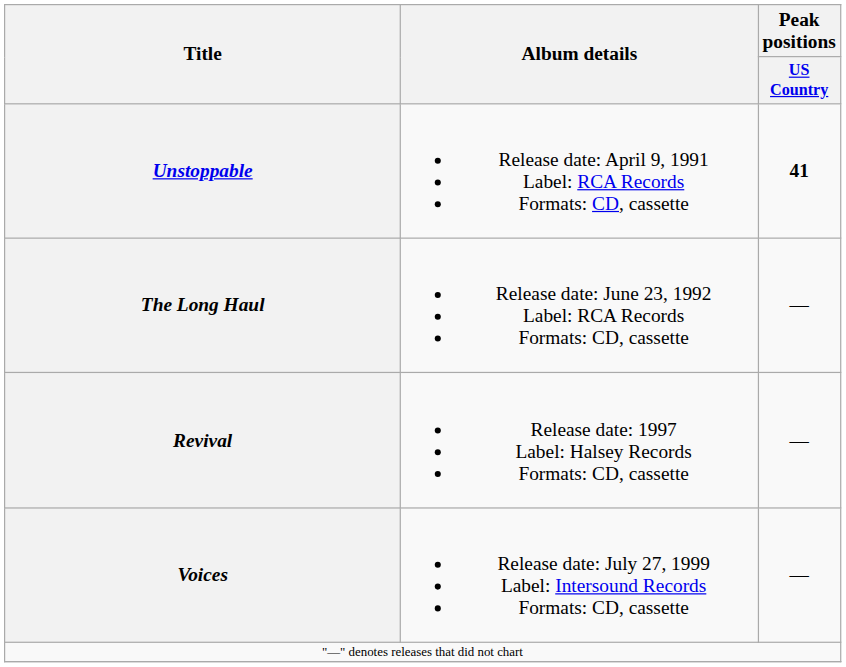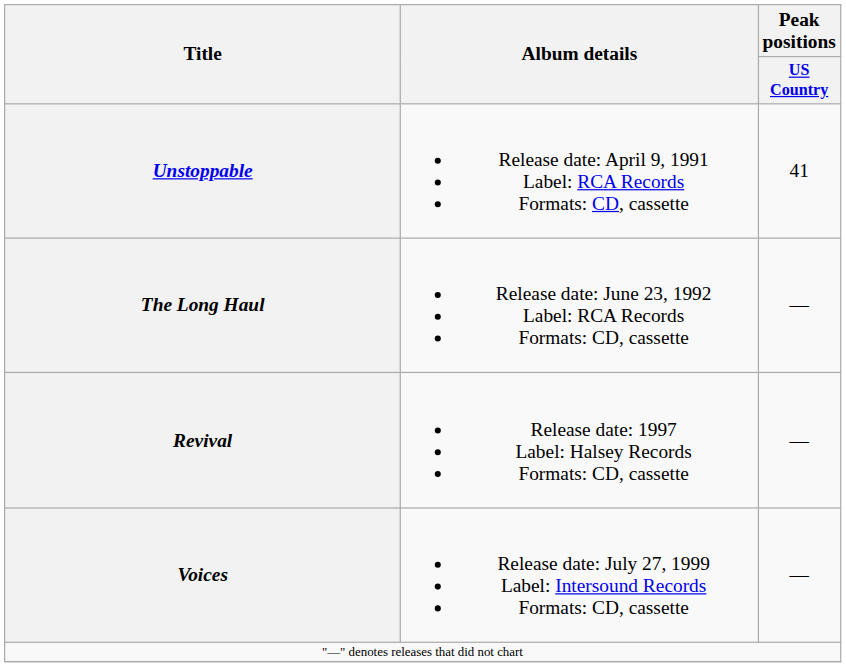 <table class="wikitable plainrowheaders" style="text-align:center;">
 <tr>
 <th rowspan="2" style="width:20em;">Title</th>
 <th rowspan="2" style="width:18em;">Album details</th>
 <th colspan="1">Peak positions</th>
 </tr>
 <tr style="font-size:smaller;">
 <th width="45"><a href='#'>US Country</a><br></th>
 </tr>
 <tr>
 <th scope="row"><em><a href='#'>Unstoppable</a></em></th>
 <td><br><ul><li>Release date: April 9, 1991</li><li>Label: <a href='#'>RCA Records</a></li><li>Formats: <a href='#'>CD</a>, cassette</li></ul></td>
-<td><strong>41</strong></td>
+<td>41</td>
 </tr>
 <tr>
 <th scope="row"><em>The Long Haul</em></th>
 <td><br><ul><li>Release date: June 23, 1992</li><li>Label: RCA Records</li><li>Formats: CD, cassette</li></ul></td>
 <td>—</td>
 </tr>
 <tr>
 <th scope="row"><em>Revival</em></th>
 <td><br><ul><li>Release date: 1997</li><li>Label: Halsey Records</li><li>Formats: CD, cassette</li></ul></td>
 <td>—</td>
 </tr>
 <tr>
 <th scope="row"><em>Voices</em></th>
 <td><br><ul><li>Release date: July 27, 1999</li><li>Label: <a href='#'>Intersound Records</a></li><li>Formats: CD, cassette</li></ul></td>
 <td>—</td>
 </tr>
 <tr>
 <td colspan="10" style="font-size:8pt">"—" denotes releases that did not chart</td>
 </tr>
 <tr>
 </tr>
 </table>
